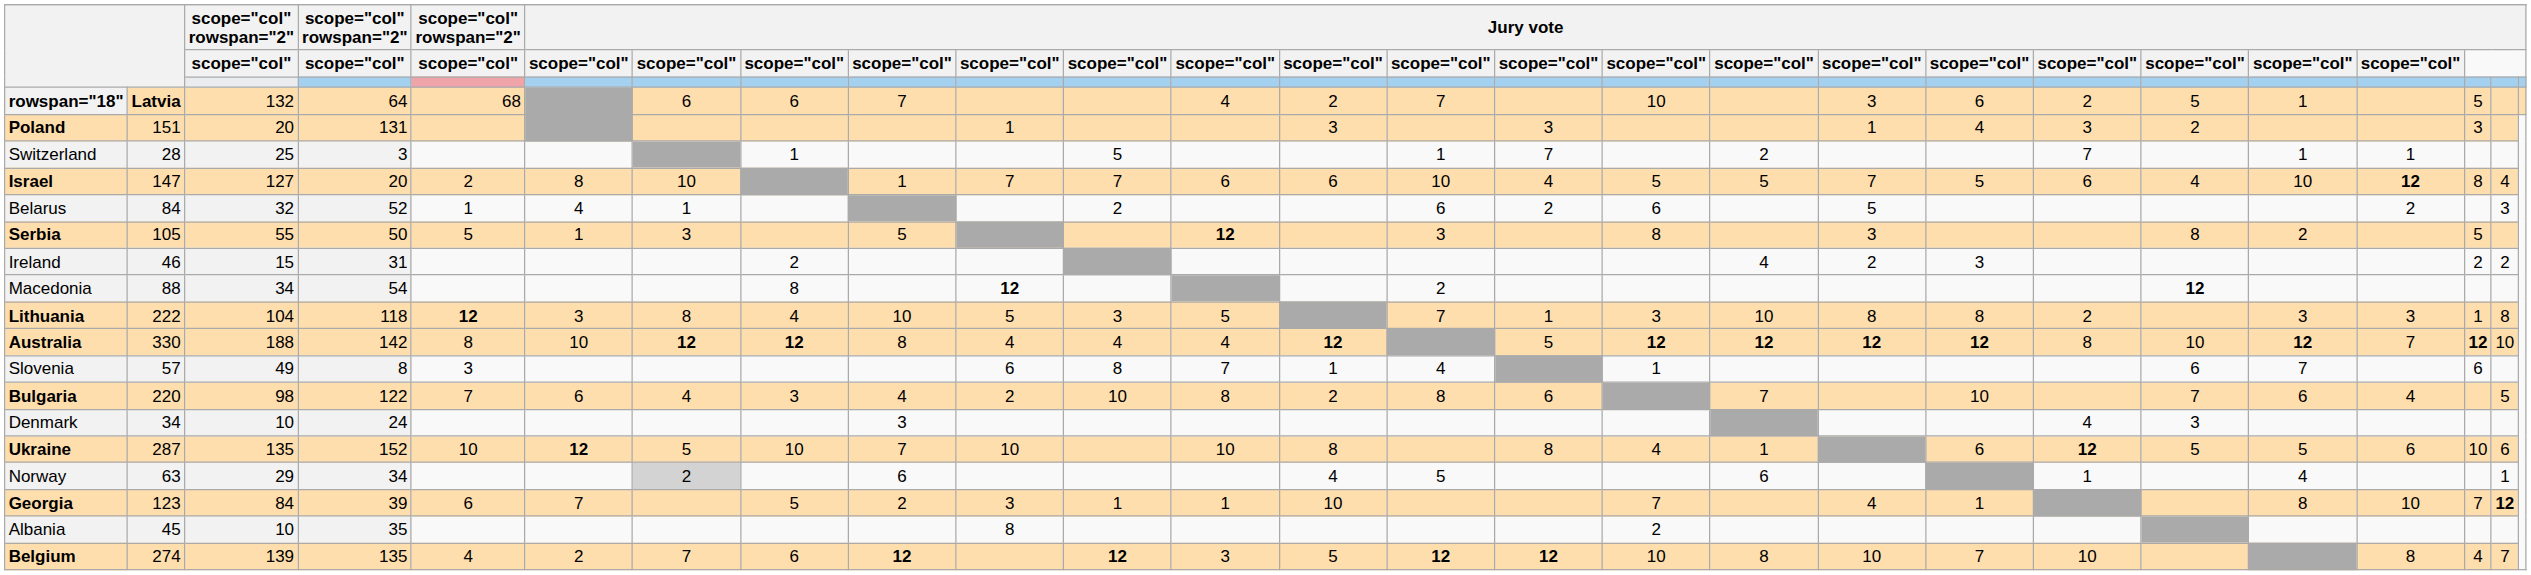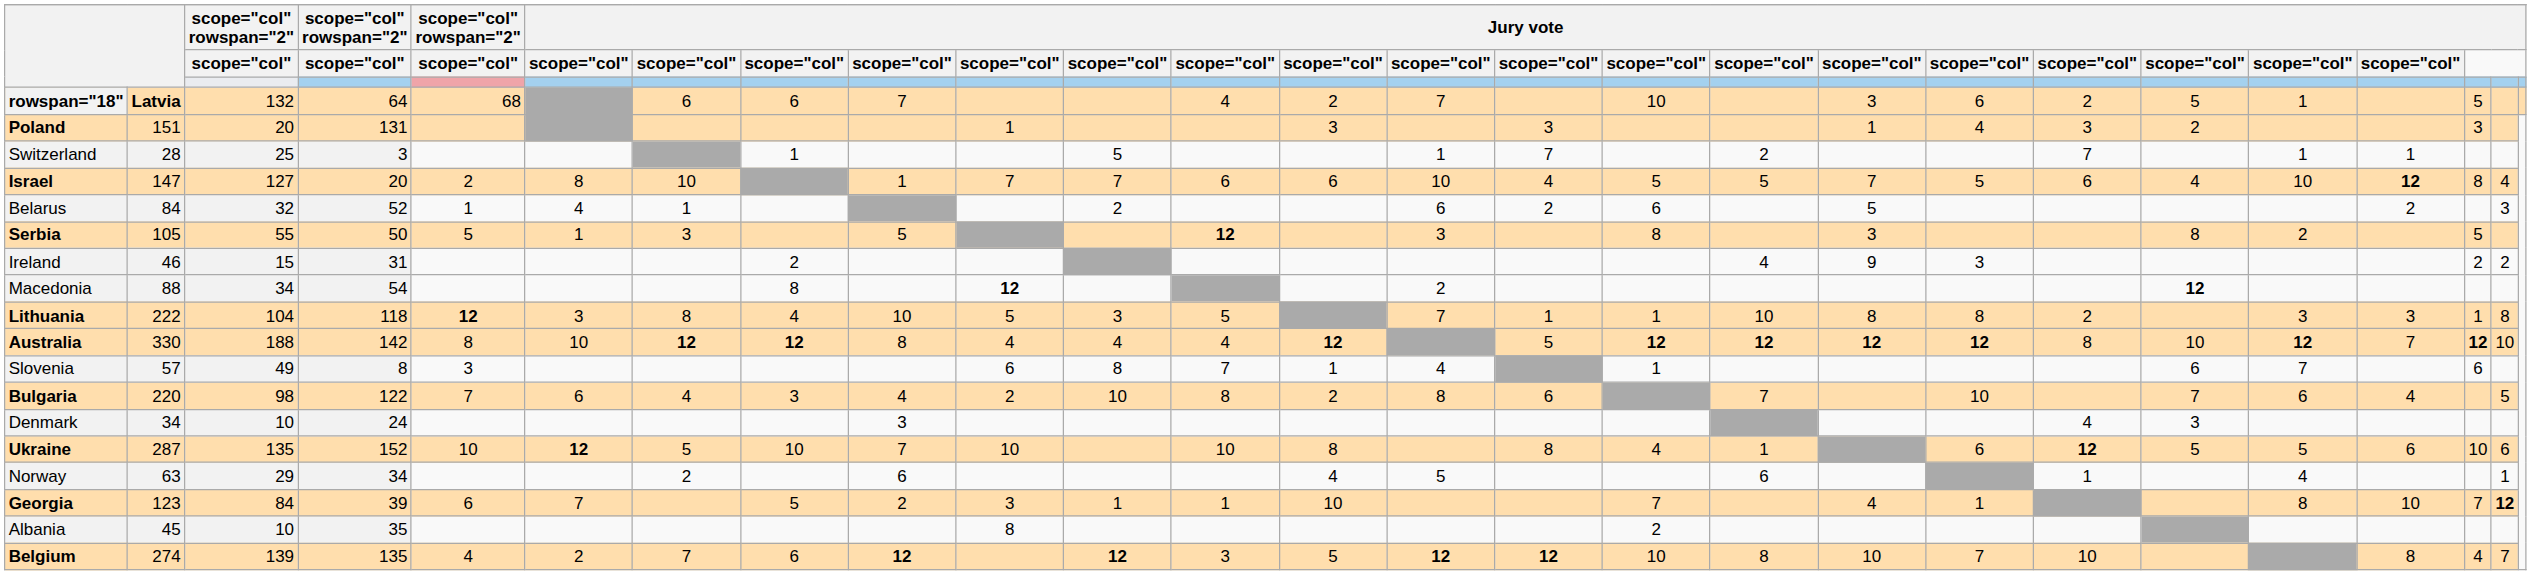 <table class="wikitable plainrowheaders" style="text-align:center; font-size:85%;">
 <tr>
 </tr>
 <tr>
 <td colspan="2" rowspan="3" style="background: #F2F2F2;"></td>
 <th>scope="col" rowspan="2" </th>
 <th>scope="col" rowspan="2" </th>
 <th>scope="col" rowspan="2" </th>
 <th scope="col" colspan="21">Jury vote</th>
 </tr>
 <tr>
 <th>scope="col" </th>
 <th>scope="col" </th>
 <th>scope="col" </th>
 <th>scope="col" </th>
 <th>scope="col" </th>
 <th>scope="col" </th>
 <th>scope="col" </th>
 <th>scope="col" </th>
 <th>scope="col" </th>
 <th>scope="col" </th>
 <th>scope="col" </th>
 <th>scope="col" </th>
 <th>scope="col" </th>
 <th>scope="col" </th>
 <th>scope="col" </th>
 <th>scope="col" </th>
 <th>scope="col" </th>
 <th>scope="col" </th>
 <th>scope="col" </th>
 <th>scope="col" </th>
 <th>scope="col" </th>
 </tr>
 <tr>
 <td style="height:2px; background:#eaecf0; border-top:1px solid transparent;"></td>
 <td style="background:#A4D1EF;"></td>
 <td style="background:#EFA4A9;"></td>
 <th style="background:#A4D1EF;"></th>
 <th style="background:#A4D1EF;"></th>
 <th style="background:#A4D1EF;"></th>
 <th style="background:#A4D1EF;"></th>
 <th style="background:#A4D1EF;"></th>
 <th style="background:#A4D1EF;"></th>
 <th style="background:#A4D1EF;"></th>
 <th style="background:#A4D1EF;"></th>
 <th style="background:#A4D1EF;"></th>
 <th style="background:#A4D1EF;"></th>
 <th style="background:#A4D1EF;"></th>
 <th style="background:#A4D1EF;"></th>
 <th style="background:#A4D1EF;"></th>
 <th style="background:#A4D1EF;"></th>
 <th style="background:#A4D1EF;"></th>
 <th style="background:#A4D1EF;"></th>
 <th style="background:#A4D1EF;"></th>
 <th style="background:#A4D1EF;"></th>
 <th style="background:#A4D1EF;"></th>
 <th style="background:#A4D1EF;"></th>
 <th style="background:#A4D1EF;"></th>
 </tr>
 <tr style="background:#ffdead;">
 <th>rowspan="18" </th>
 <td scope="row" style="text-align:left; font-weight:bold; background:#ffdead;">Latvia</td>
 <td style="text-align:right;">132</td>
 <td style="text-align:right;">64</td>
 <td style="text-align:right;">68</td>
 <td style="background:#AAAAAA;"></td>
 <td>6</td>
 <td>6</td>
 <td>7</td>
 <td></td>
 <td></td>
 <td>4</td>
 <td>2</td>
 <td>7</td>
 <td></td>
 <td>10</td>
 <td></td>
 <td>3</td>
 <td>6</td>
 <td>2</td>
 <td>5</td>
 <td>1</td>
 <td></td>
 <td>5</td>
 <td></td>
 <td></td>
 </tr>
 <tr style="background:#ffdead;">
 <td scope="row" style="text-align:left; font-weight:bold; background:#ffdead;">Poland</td>
 <td style="text-align:right;">151</td>
 <td style="text-align:right;">20</td>
 <td style="text-align:right;">131</td>
 <td></td>
 <td style="background:#AAAAAA;"></td>
 <td></td>
 <td></td>
 <td></td>
 <td>1</td>
 <td></td>
 <td></td>
 <td>3</td>
 <td></td>
 <td>3</td>
 <td></td>
 <td></td>
 <td>1</td>
 <td>4</td>
 <td>3</td>
 <td>2</td>
 <td></td>
 <td></td>
 <td>3</td>
 <td></td>
 </tr>
 <tr>
 <td scope="row" style="text-align:left; background:#f2f2f2;">Switzerland</td>
 <td style="text-align:right; background:#f2f2f2;">28</td>
 <td style="text-align:right; background:#f2f2f2;">25</td>
 <td style="text-align:right; background:#f2f2f2;">3</td>
 <td></td>
 <td></td>
 <td style="background:#AAAAAA;"></td>
 <td>1</td>
 <td></td>
 <td></td>
 <td>5</td>
 <td></td>
 <td></td>
 <td>1</td>
 <td>7</td>
 <td></td>
 <td>2</td>
 <td></td>
 <td></td>
 <td>7</td>
 <td></td>
 <td>1</td>
 <td>1</td>
 <td></td>
 <td></td>
 </tr>
 <tr style="background:#ffdead;">
 <td scope="row" style="text-align:left; font-weight:bold; background:#ffdead;">Israel</td>
 <td style="text-align:right;">147</td>
 <td style="text-align:right;">127</td>
 <td style="text-align:right;">20</td>
 <td>2</td>
 <td>8</td>
 <td>10</td>
 <td style="background:#AAAAAA;"></td>
 <td>1</td>
 <td>7</td>
 <td>7</td>
 <td>6</td>
 <td>6</td>
 <td>10</td>
 <td>4</td>
 <td>5</td>
 <td>5</td>
 <td>7</td>
 <td>5</td>
 <td>6</td>
 <td>4</td>
 <td>10</td>
 <td><strong>12</strong></td>
 <td>8</td>
 <td>4</td>
 </tr>
 <tr>
 <td scope="row" style="text-align:left; background:#f2f2f2;">Belarus</td>
 <td style="text-align:right; background:#f2f2f2;">84</td>
 <td style="text-align:right; background:#f2f2f2;">32</td>
 <td style="text-align:right; background:#f2f2f2;">52</td>
 <td>1</td>
 <td>4</td>
 <td>1</td>
 <td></td>
 <td style="background:#AAAAAA;"></td>
 <td></td>
 <td>2</td>
 <td></td>
 <td></td>
 <td>6</td>
 <td>2</td>
 <td>6</td>
 <td></td>
 <td>5</td>
 <td></td>
 <td></td>
 <td></td>
 <td></td>
 <td>2</td>
 <td></td>
 <td>3</td>
 </tr>
 <tr style="background:#ffdead;">
 <td scope="row" style="text-align:left; font-weight:bold; background:#ffdead;">Serbia</td>
 <td style="text-align:right;">105</td>
 <td style="text-align:right;">55</td>
 <td style="text-align:right;">50</td>
 <td>5</td>
 <td>1</td>
 <td>3</td>
 <td></td>
 <td>5</td>
 <td style="background:#AAAAAA;"></td>
 <td></td>
 <td><strong>12</strong></td>
 <td></td>
 <td>3</td>
 <td></td>
 <td>8</td>
 <td></td>
 <td>3</td>
 <td></td>
 <td></td>
 <td>8</td>
 <td>2</td>
 <td></td>
 <td>5</td>
 <td></td>
 </tr>
 <tr>
 <td scope="row" style="text-align:left; background:#f2f2f2;">Ireland</td>
 <td style="text-align:right; background:#f2f2f2;">46</td>
 <td style="text-align:right; background:#f2f2f2;">15</td>
 <td style="text-align:right; background:#f2f2f2;">31</td>
 <td></td>
 <td></td>
 <td></td>
 <td>2</td>
 <td></td>
 <td></td>
 <td style="background:#AAAAAA;"></td>
 <td></td>
 <td></td>
 <td></td>
 <td></td>
 <td></td>
 <td>4</td>
-<td>2</td>
+<td>9</td>
 <td>3</td>
 <td></td>
 <td></td>
 <td></td>
 <td></td>
 <td>2</td>
 <td>2</td>
 </tr>
 <tr>
 <td scope="row" style="text-align:left; background:#f2f2f2;">Macedonia</td>
 <td style="text-align:right; background:#f2f2f2;">88</td>
 <td style="text-align:right; background:#f2f2f2;">34</td>
 <td style="text-align:right; background:#f2f2f2;">54</td>
 <td></td>
 <td></td>
 <td></td>
 <td>8</td>
 <td></td>
 <td><strong>12</strong></td>
 <td></td>
 <td style="background:#AAAAAA;"></td>
 <td></td>
 <td>2</td>
 <td></td>
 <td></td>
 <td></td>
 <td></td>
 <td></td>
 <td></td>
 <td><strong>12</strong></td>
 <td></td>
 <td></td>
 <td></td>
 <td></td>
 </tr>
 <tr style="background:#ffdead;">
 <td scope="row" style="text-align:left; font-weight:bold; background:#ffdead;">Lithuania</td>
 <td style="text-align:right;">222</td>
 <td style="text-align:right;">104</td>
 <td style="text-align:right;">118</td>
 <td><strong>12</strong></td>
 <td>3</td>
 <td>8</td>
 <td>4</td>
 <td>10</td>
 <td>5</td>
 <td>3</td>
 <td>5</td>
 <td style="background:#AAAAAA;"></td>
 <td>7</td>
 <td>1</td>
-<td>3</td>
+<td>1</td>
 <td>10</td>
 <td>8</td>
 <td>8</td>
 <td>2</td>
 <td></td>
 <td>3</td>
 <td>3</td>
 <td>1</td>
 <td>8</td>
 </tr>
 <tr style="background:#ffdead;">
 <td scope="row" style="text-align:left; font-weight:bold; background:#ffdead;">Australia</td>
 <td style="text-align:right;">330</td>
 <td style="text-align:right;">188</td>
 <td style="text-align:right;">142</td>
 <td>8</td>
 <td>10</td>
 <td><strong>12</strong></td>
 <td><strong>12</strong></td>
 <td>8</td>
 <td>4</td>
 <td>4</td>
 <td>4</td>
 <td><strong>12</strong></td>
 <td style="background:#AAAAAA;"></td>
 <td>5</td>
 <td><strong>12</strong></td>
 <td><strong>12</strong></td>
 <td><strong>12</strong></td>
 <td><strong>12</strong></td>
 <td>8</td>
 <td>10</td>
 <td><strong>12</strong></td>
 <td>7</td>
 <td><strong>12</strong></td>
 <td>10</td>
 </tr>
 <tr>
 <td scope="row" style="text-align:left; background:#f2f2f2;">Slovenia</td>
 <td style="text-align:right; background:#f2f2f2;">57</td>
 <td style="text-align:right; background:#f2f2f2;">49</td>
 <td style="text-align:right; background:#f2f2f2;">8</td>
 <td>3</td>
 <td></td>
 <td></td>
 <td></td>
 <td></td>
 <td>6</td>
 <td>8</td>
 <td>7</td>
 <td>1</td>
 <td>4</td>
 <td style="background:#AAAAAA;"></td>
 <td>1</td>
 <td></td>
 <td></td>
 <td></td>
 <td></td>
 <td>6</td>
 <td>7</td>
 <td></td>
 <td>6</td>
 <td></td>
 </tr>
 <tr style="background:#ffdead;">
 <td scope="row" style="text-align:left; font-weight:bold; background:#ffdead;">Bulgaria</td>
 <td style="text-align:right;">220</td>
 <td style="text-align:right;">98</td>
 <td style="text-align:right;">122</td>
 <td>7</td>
 <td>6</td>
 <td>4</td>
 <td>3</td>
 <td>4</td>
 <td>2</td>
 <td>10</td>
 <td>8</td>
 <td>2</td>
 <td>8</td>
 <td>6</td>
 <td style="background:#AAAAAA;"></td>
 <td>7</td>
 <td></td>
 <td>10</td>
 <td></td>
 <td>7</td>
 <td>6</td>
 <td>4</td>
 <td></td>
 <td>5</td>
 </tr>
 <tr>
 <td scope="row" style="text-align:left; background:#f2f2f2;">Denmark</td>
 <td style="text-align:right; background:#f2f2f2;">34</td>
 <td style="text-align:right; background:#f2f2f2;">10</td>
 <td style="text-align:right; background:#f2f2f2;">24</td>
 <td></td>
 <td></td>
 <td></td>
 <td></td>
 <td>3</td>
 <td></td>
 <td></td>
 <td></td>
 <td></td>
 <td></td>
 <td></td>
 <td></td>
 <td style="background:#AAAAAA;"></td>
 <td></td>
 <td></td>
 <td>4</td>
 <td>3</td>
 <td></td>
 <td></td>
 <td></td>
 <td></td>
 </tr>
 <tr style="background:#ffdead;">
 <td scope="row" style="text-align:left; font-weight:bold; background:#ffdead;">Ukraine</td>
 <td style="text-align:right;">287</td>
 <td style="text-align:right;">135</td>
 <td style="text-align:right;">152</td>
 <td>10</td>
 <td><strong>12</strong></td>
 <td>5</td>
 <td>10</td>
 <td>7</td>
 <td>10</td>
 <td></td>
 <td>10</td>
 <td>8</td>
 <td></td>
 <td>8</td>
 <td>4</td>
 <td>1</td>
 <td style="background:#AAAAAA;"></td>
 <td>6</td>
 <td><strong>12</strong></td>
 <td>5</td>
 <td>5</td>
 <td>6</td>
 <td>10</td>
 <td>6</td>
 </tr>
 <tr>
 <td scope="row" style="text-align:left; background:#f2f2f2;">Norway</td>
 <td style="text-align:right; background:#f2f2f2;">63</td>
 <td style="text-align:right; background:#f2f2f2;">29</td>
 <td style="text-align:right; background:#f2f2f2;">34</td>
 <td></td>
 <td></td>
-<td style="background: lightgrey;">2</td>
+<td>2</td>
 <td></td>
 <td>6</td>
 <td></td>
 <td></td>
 <td></td>
 <td>4</td>
 <td>5</td>
 <td></td>
 <td></td>
 <td>6</td>
 <td></td>
 <td style="background:#AAAAAA;"></td>
 <td>1</td>
 <td></td>
 <td>4</td>
 <td></td>
 <td></td>
 <td>1</td>
 </tr>
 <tr style="background:#ffdead;">
 <td scope="row" style="text-align:left; font-weight:bold; background:#ffdead;">Georgia</td>
 <td style="text-align:right;">123</td>
 <td style="text-align:right;">84</td>
 <td style="text-align:right;">39</td>
 <td>6</td>
 <td>7</td>
 <td></td>
 <td>5</td>
 <td>2</td>
 <td>3</td>
 <td>1</td>
 <td>1</td>
 <td>10</td>
 <td></td>
 <td></td>
 <td>7</td>
 <td></td>
 <td>4</td>
 <td>1</td>
 <td style="background:#AAAAAA;"></td>
 <td></td>
 <td>8</td>
 <td>10</td>
 <td>7</td>
 <td><strong>12</strong></td>
 </tr>
 <tr>
 <td scope="row" style="text-align:left; background:#f2f2f2;">Albania</td>
 <td style="text-align:right; background:#f2f2f2;">45</td>
 <td style="text-align:right; background:#f2f2f2;">10</td>
 <td style="text-align:right; background:#f2f2f2;">35</td>
 <td></td>
 <td></td>
 <td></td>
 <td></td>
 <td></td>
 <td>8</td>
 <td></td>
 <td></td>
 <td></td>
 <td></td>
 <td></td>
 <td>2</td>
 <td></td>
 <td></td>
 <td></td>
 <td></td>
 <td style="background:#AAAAAA;"></td>
 <td></td>
 <td></td>
 <td></td>
 <td></td>
 </tr>
 <tr style="background:#ffdead;">
 <td scope="row" style="text-align:left; font-weight:bold; background:#ffdead;">Belgium</td>
 <td style="text-align:right;">274</td>
 <td style="text-align:right;">139</td>
 <td style="text-align:right;">135</td>
 <td>4</td>
 <td>2</td>
 <td>7</td>
 <td>6</td>
 <td><strong>12</strong></td>
 <td></td>
 <td><strong>12</strong></td>
 <td>3</td>
 <td>5</td>
 <td><strong>12</strong></td>
 <td><strong>12</strong></td>
 <td>10</td>
 <td>8</td>
 <td>10</td>
 <td>7</td>
 <td>10</td>
 <td></td>
 <td style="background:#AAAAAA;"></td>
 <td>8</td>
 <td>4</td>
 <td>7</td>
 </tr>
 </table>
